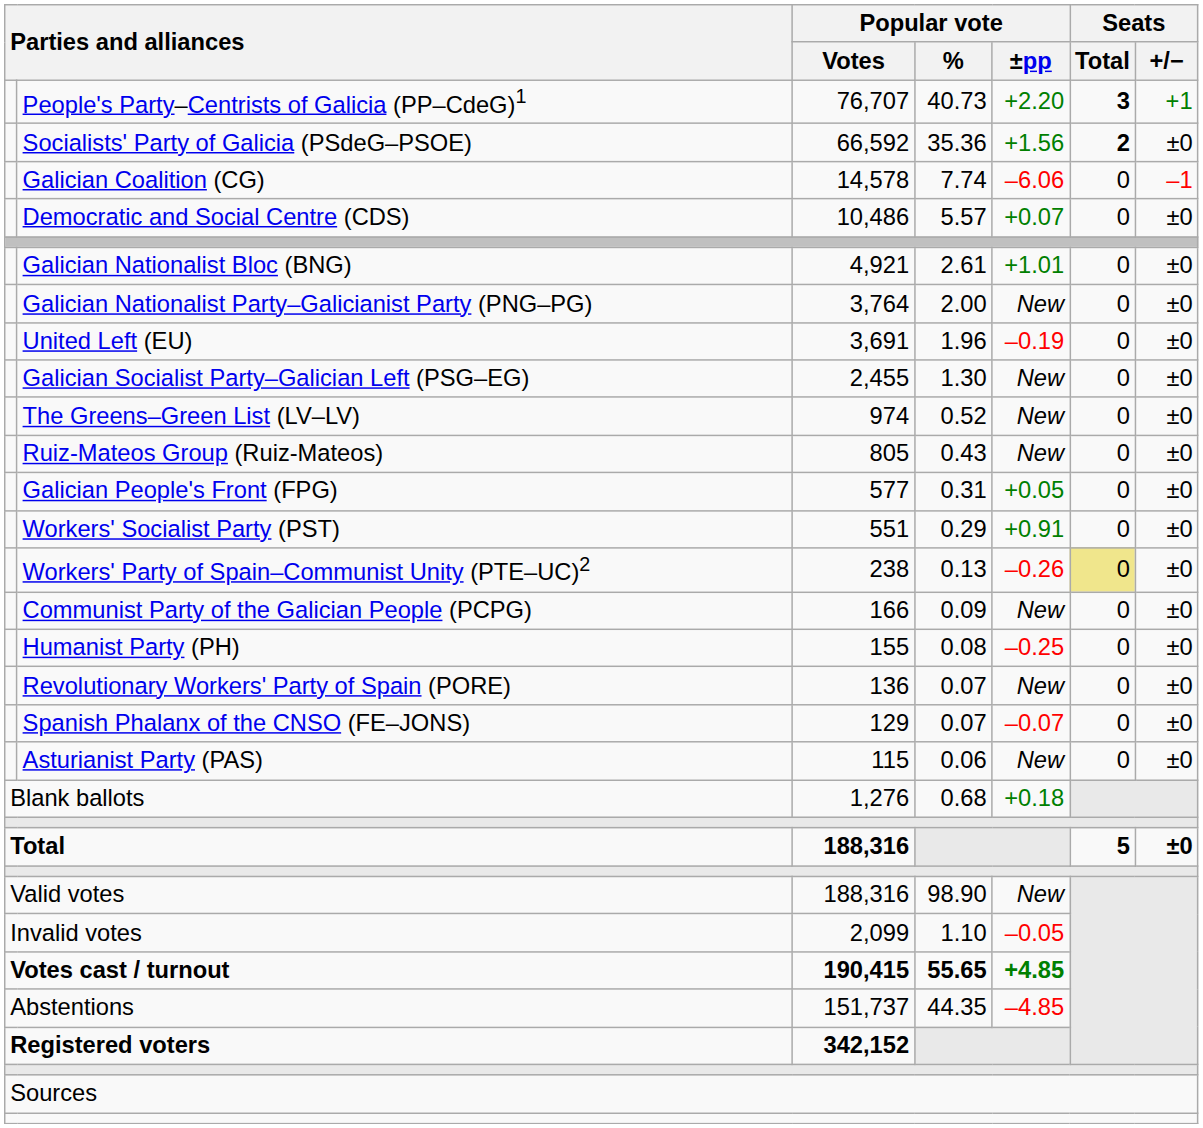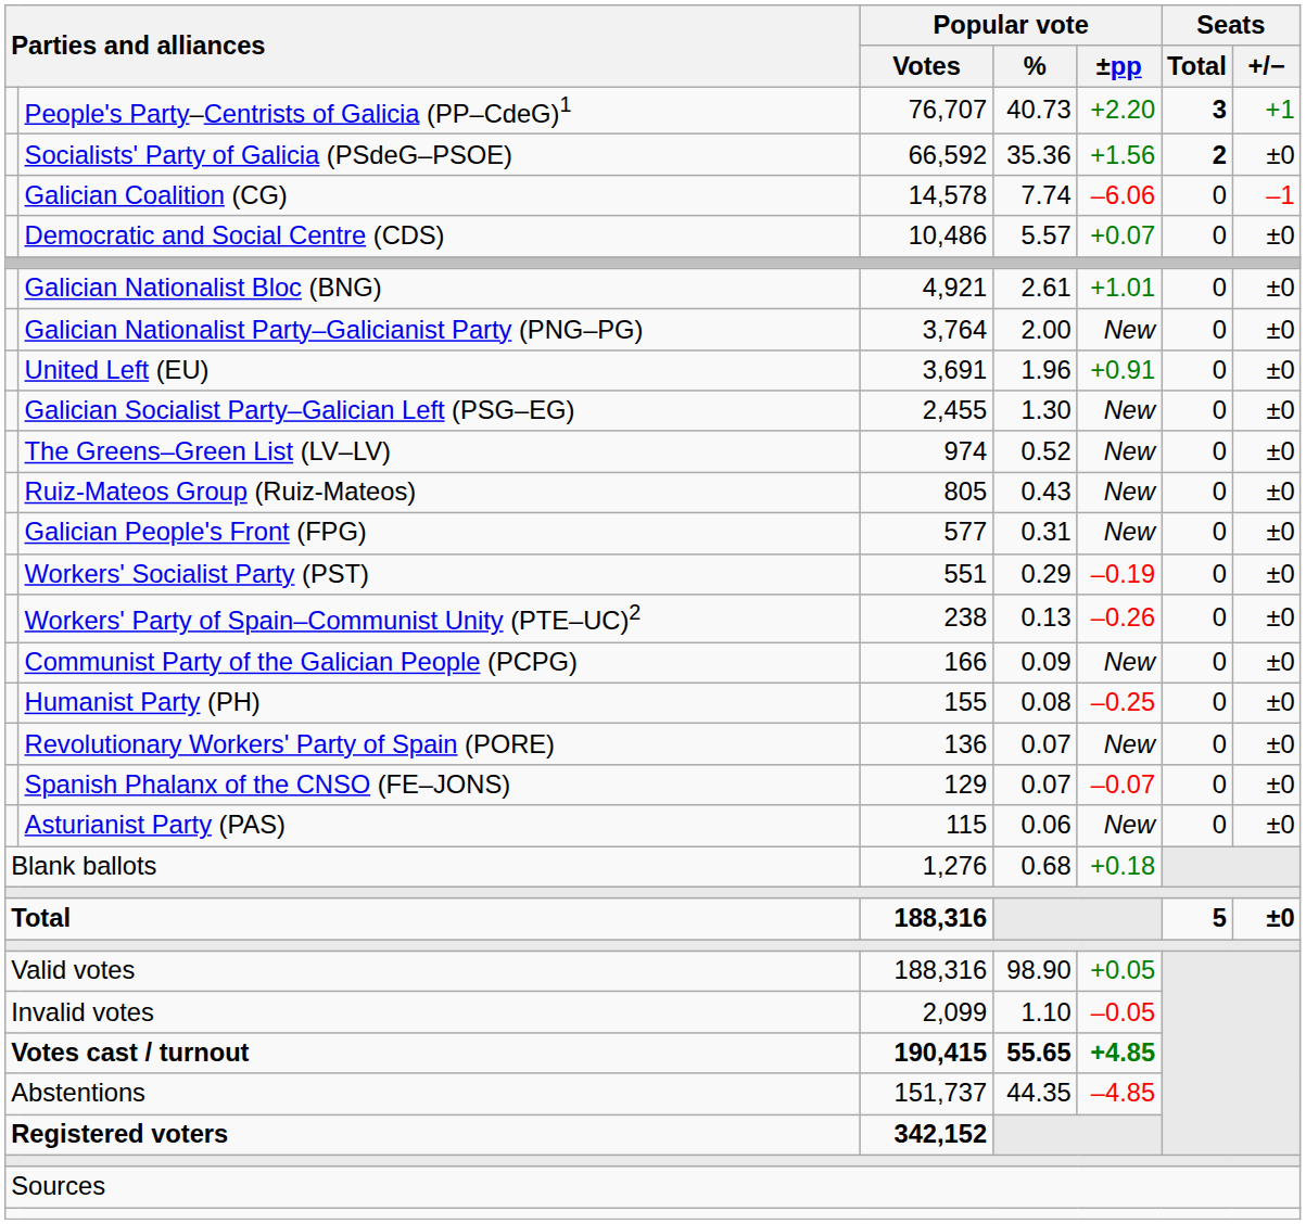 <table class="wikitable" style="text-align:right;">
 <tr>
 <th style="text-align:left;" rowspan="2" colspan="2" width="525">Parties and alliances</th>
 <th colspan="3">Popular vote</th>
 <th colspan="2">Seats</th>
 </tr>
 <tr>
 <th width="75">Votes</th>
 <th width="45">%</th>
 <th width="45">±<a href='#'>pp</a></th>
 <th width="35">Total</th>
 <th width="35">+/−</th>
 </tr>
 <tr>
 <td width="1" style="color:inherit;background:"></td>
 <td align="left"><a href='#'>People's Party</a>–<a href='#'>Centrists of Galicia</a> (PP–CdeG)<sup>1</sup></td>
 <td>76,707</td>
 <td>40.73</td>
 <td style="color:green;">+2.20</td>
 <td><strong>3</strong></td>
 <td style="color:green;">+1</td>
 </tr>
 <tr>
 <td style="color:inherit;background:"></td>
 <td align="left"><a href='#'>Socialists' Party of Galicia</a> (PSdeG–PSOE)</td>
 <td>66,592</td>
 <td>35.36</td>
 <td style="color:green;">+1.56</td>
 <td><strong>2</strong></td>
 <td>±0</td>
 </tr>
 <tr>
 <td style="color:inherit;background:"></td>
 <td align="left"><a href='#'>Galician Coalition</a> (CG)</td>
 <td>14,578</td>
 <td>7.74</td>
 <td style="color:red;">–6.06</td>
 <td>0</td>
 <td style="color:red;">–1</td>
 </tr>
 <tr>
 <td style="color:inherit;background:"></td>
 <td align="left"><a href='#'>Democratic and Social Centre</a> (CDS)</td>
 <td>10,486</td>
 <td>5.57</td>
 <td style="color:green;">+0.07</td>
 <td>0</td>
 <td>±0</td>
 </tr>
 <tr>
 <td colspan="7" bgcolor="#C0C0C0"></td>
 </tr>
 <tr>
 <td style="color:inherit;background:"></td>
 <td align="left"><a href='#'>Galician Nationalist Bloc</a> (BNG)</td>
 <td>4,921</td>
 <td>2.61</td>
 <td style="color:green;">+1.01</td>
 <td>0</td>
 <td>±0</td>
 </tr>
 <tr>
 <td style="color:inherit;background:"></td>
 <td align="left"><a href='#'>Galician Nationalist Party–Galicianist Party</a> (PNG–PG)</td>
 <td>3,764</td>
 <td>2.00</td>
 <td><em>New</em></td>
 <td>0</td>
 <td>±0</td>
 </tr>
 <tr>
 <td style="color:inherit;background:"></td>
 <td align="left"><a href='#'>United Left</a> (EU)</td>
 <td>3,691</td>
 <td>1.96</td>
-<td style="color:red;">–0.19</td>
+<td style="color:green;">+0.91</td>
 <td>0</td>
 <td>±0</td>
 </tr>
 <tr>
 <td style="color:inherit;background:"></td>
 <td align="left"><a href='#'>Galician Socialist Party–Galician Left</a> (PSG–EG)</td>
 <td>2,455</td>
 <td>1.30</td>
 <td><em>New</em></td>
 <td>0</td>
 <td>±0</td>
 </tr>
 <tr>
 <td style="color:inherit;background:"></td>
 <td align="left"><a href='#'>The Greens–Green List</a> (LV–LV)</td>
 <td>974</td>
 <td>0.52</td>
 <td><em>New</em></td>
 <td>0</td>
 <td>±0</td>
 </tr>
 <tr>
 <td style="color:inherit;background:"></td>
 <td align="left"><a href='#'>Ruiz-Mateos Group</a> (Ruiz-Mateos)</td>
 <td>805</td>
 <td>0.43</td>
 <td><em>New</em></td>
 <td>0</td>
 <td>±0</td>
 </tr>
 <tr>
 <td style="color:inherit;background:"></td>
 <td align="left"><a href='#'>Galician People's Front</a> (FPG)</td>
 <td>577</td>
 <td>0.31</td>
-<td style="color:green;">+0.05</td>
+<td><em>New</em></td>
 <td>0</td>
 <td>±0</td>
 </tr>
 <tr>
 <td style="color:inherit;background:"></td>
 <td align="left"><a href='#'>Workers' Socialist Party</a> (PST)</td>
 <td>551</td>
 <td>0.29</td>
-<td style="color:green;">+0.91</td>
+<td style="color:red;">–0.19</td>
 <td>0</td>
 <td>±0</td>
 </tr>
 <tr>
 <td style="color:inherit;background:"></td>
 <td align="left"><a href='#'>Workers' Party of Spain–Communist Unity</a> (PTE–UC)<sup>2</sup></td>
 <td>238</td>
 <td>0.13</td>
 <td style="color:red;">–0.26</td>
-<td style="background: khaki;">0</td>
+<td>0</td>
 <td>±0</td>
 </tr>
 <tr>
 <td style="color:inherit;background:"></td>
 <td align="left"><a href='#'>Communist Party of the Galician People</a> (PCPG)</td>
 <td>166</td>
 <td>0.09</td>
 <td><em>New</em></td>
 <td>0</td>
 <td>±0</td>
 </tr>
 <tr>
 <td style="color:inherit;background:"></td>
 <td align="left"><a href='#'>Humanist Party</a> (PH)</td>
 <td>155</td>
 <td>0.08</td>
 <td style="color:red;">–0.25</td>
 <td>0</td>
 <td>±0</td>
 </tr>
 <tr>
 <td style="color:inherit;background:"></td>
 <td align="left"><a href='#'>Revolutionary Workers' Party of Spain</a> (PORE)</td>
 <td>136</td>
 <td>0.07</td>
 <td><em>New</em></td>
 <td>0</td>
 <td>±0</td>
 </tr>
 <tr>
 <td style="color:inherit;background:"></td>
 <td align="left"><a href='#'>Spanish Phalanx of the CNSO</a> (FE–JONS)</td>
 <td>129</td>
 <td>0.07</td>
 <td style="color:red;">–0.07</td>
 <td>0</td>
 <td>±0</td>
 </tr>
 <tr>
 <td style="color:inherit;background:"></td>
 <td align="left"><a href='#'>Asturianist Party</a> (PAS)</td>
 <td>115</td>
 <td>0.06</td>
 <td><em>New</em></td>
 <td>0</td>
 <td>±0</td>
 </tr>
 <tr>
 <td align="left" colspan="2">Blank ballots</td>
 <td>1,276</td>
 <td>0.68</td>
 <td style="color:green;">+0.18</td>
 <td bgcolor="#E9E9E9" colspan="2"></td>
 </tr>
 <tr>
 <td colspan="7" bgcolor="#E9E9E9"></td>
 </tr>
 <tr style="font-weight:bold;">
 <td align="left" colspan="2">Total</td>
 <td>188,316</td>
 <td bgcolor="#E9E9E9" colspan="2"></td>
 <td>5</td>
 <td>±0</td>
 </tr>
 <tr>
 <td colspan="7" bgcolor="#E9E9E9"></td>
 </tr>
 <tr>
 <td align="left" colspan="2">Valid votes</td>
 <td>188,316</td>
 <td>98.90</td>
-<td><em>New</em></td>
+<td style="color:green;">+0.05</td>
 <td bgcolor="#E9E9E9" colspan="2" rowspan="5"></td>
 </tr>
 <tr>
 <td align="left" colspan="2">Invalid votes</td>
 <td>2,099</td>
 <td>1.10</td>
 <td style="color:red;">–0.05</td>
 </tr>
 <tr style="font-weight:bold;">
 <td align="left" colspan="2">Votes cast / turnout</td>
 <td>190,415</td>
 <td>55.65</td>
 <td style="color:green;">+4.85</td>
 </tr>
 <tr>
 <td align="left" colspan="2">Abstentions</td>
 <td>151,737</td>
 <td>44.35</td>
 <td style="color:red;">–4.85</td>
 </tr>
 <tr style="font-weight:bold;">
 <td align="left" colspan="2">Registered voters</td>
 <td>342,152</td>
 <td bgcolor="#E9E9E9" colspan="2"></td>
 </tr>
 <tr>
 <td colspan="7" bgcolor="#E9E9E9"></td>
 </tr>
 <tr>
 <td align="left" colspan="7">Sources</td>
 </tr>
 <tr>
 <td colspan="7" style="text-align:left; max-width:790px;"></td>
 </tr>
 </table>
